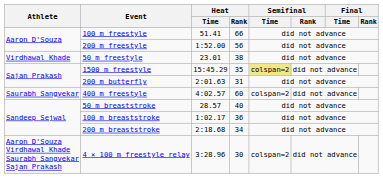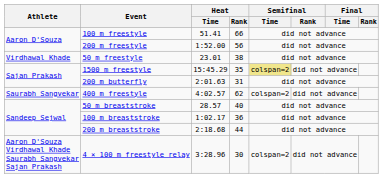 <table class=wikitable style="font-size:90%">
 <tr>
 <th rowspan="2">Athlete</th>
 <th rowspan="2">Event</th>
 <th colspan="2">Heat</th>
 <th colspan="2">Semifinal</th>
 <th colspan="2">Final</th>
 </tr>
 <tr style="font-size:95%">
 <th>Time</th>
 <th>Rank</th>
 <th>Time</th>
 <th>Rank</th>
 <th>Time</th>
 <th>Rank</th>
 </tr>
 <tr align=center>
 <td align=left rowspan=2><a href='#'>Aaron D'Souza</a></td>
 <td align=left><a href='#'>100 m freestyle</a></td>
 <td>51.41</td>
 <td>66</td>
 <td colspan=4>did not advance</td>
 </tr>
 <tr align=center>
 <td align=left><a href='#'>200 m freestyle</a></td>
 <td>1:52.00</td>
 <td>56</td>
 <td colspan=4>did not advance</td>
 </tr>
 <tr align=center>
 <td align=left><a href='#'>Virdhawal Khade</a></td>
 <td align=left><a href='#'>50 m freestyle</a></td>
 <td>23.01</td>
 <td>38</td>
 <td colspan=4>did not advance</td>
 </tr>
 <tr align=center>
 <td align=left rowspan=2><a href='#'>Sajan Prakash</a></td>
 <td align=left><a href='#'>1500 m freestyle</a></td>
 <td>15:45.29</td>
 <td>35</td>
 <td style="background: khaki;">colspan=2 </td>
 <td colspan=2>did not advance</td>
 </tr>
 <tr align=center>
 <td align=left><a href='#'>200 m butterfly</a></td>
 <td>2:01.63</td>
 <td>31</td>
 <td colspan=4>did not advance</td>
 </tr>
 <tr align=center>
 <td align=left><a href='#'>Saurabh Sangvekar</a></td>
 <td align=left><a href='#'>400 m freestyle</a></td>
 <td>4:02.57</td>
-<td>60</td>
+<td>62</td>
 <td>colspan=2 </td>
 <td colspan=2>did not advance</td>
 </tr>
 <tr align=center>
 <td align=left rowspan=3><a href='#'>Sandeep Sejwal</a></td>
 <td align=left><a href='#'>50 m breaststroke</a></td>
 <td>28.57</td>
 <td>40</td>
 <td colspan=4>did not advance</td>
 </tr>
 <tr align=center>
 <td align=left><a href='#'>100 m breaststroke</a></td>
 <td>1:02.17</td>
 <td>36</td>
 <td colspan=4>did not advance</td>
 </tr>
 <tr align=center>
 <td align=left><a href='#'>200 m breaststroke</a></td>
 <td>2:18.68</td>
-<td>34</td>
+<td>44</td>
 <td colspan=4>did not advance</td>
 </tr>
 <tr align=center>
 <td align=left><a href='#'>Aaron D'Souza</a><br><a href='#'>Virdhawal Khade</a><br><a href='#'>Saurabh Sangvekar</a><br><a href='#'>Sajan Prakash</a></td>
 <td align=left><a href='#'>4 × 100 m freestyle relay</a></td>
 <td>3:28.96</td>
 <td>30</td>
 <td>colspan=2 </td>
 <td colspan=2>did not advance</td>
 </tr>
 </table>
